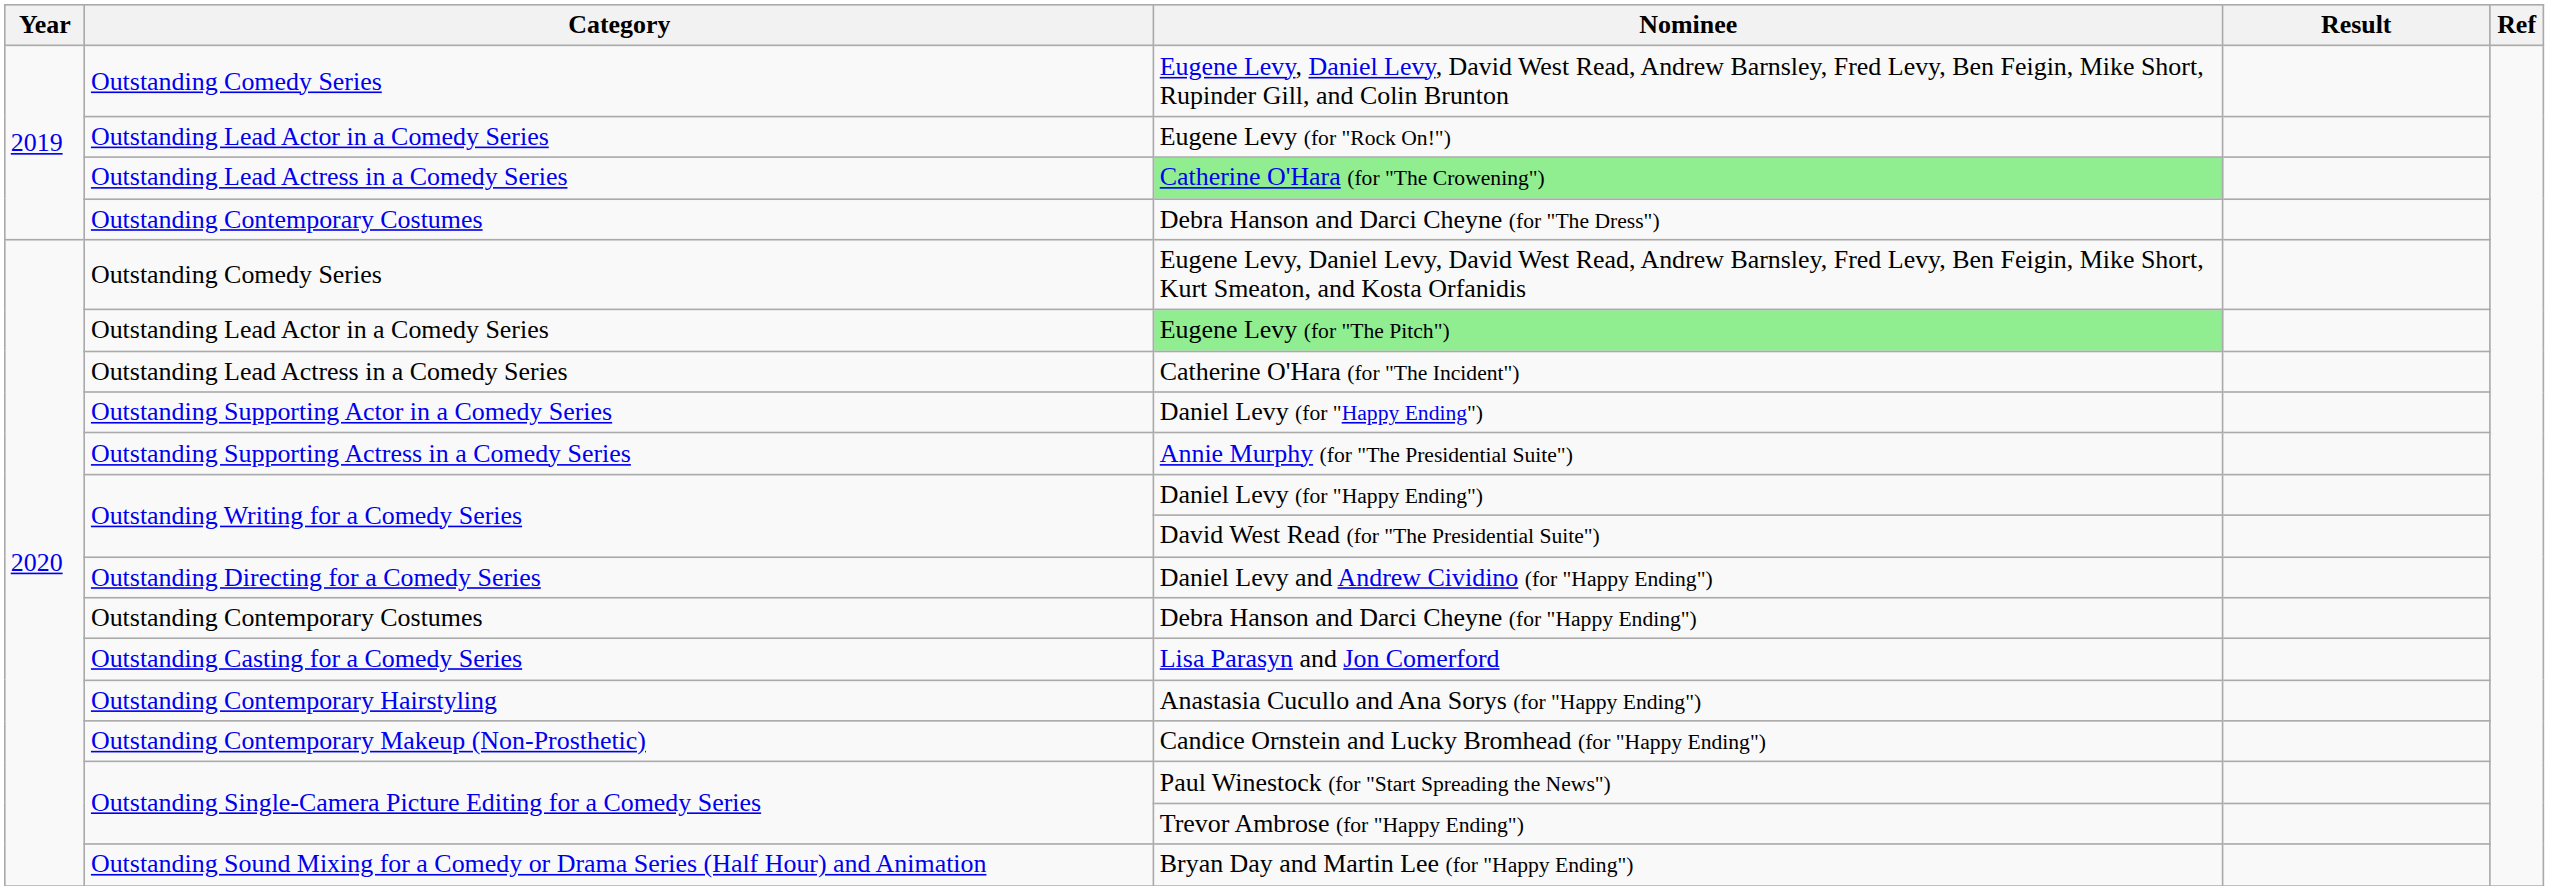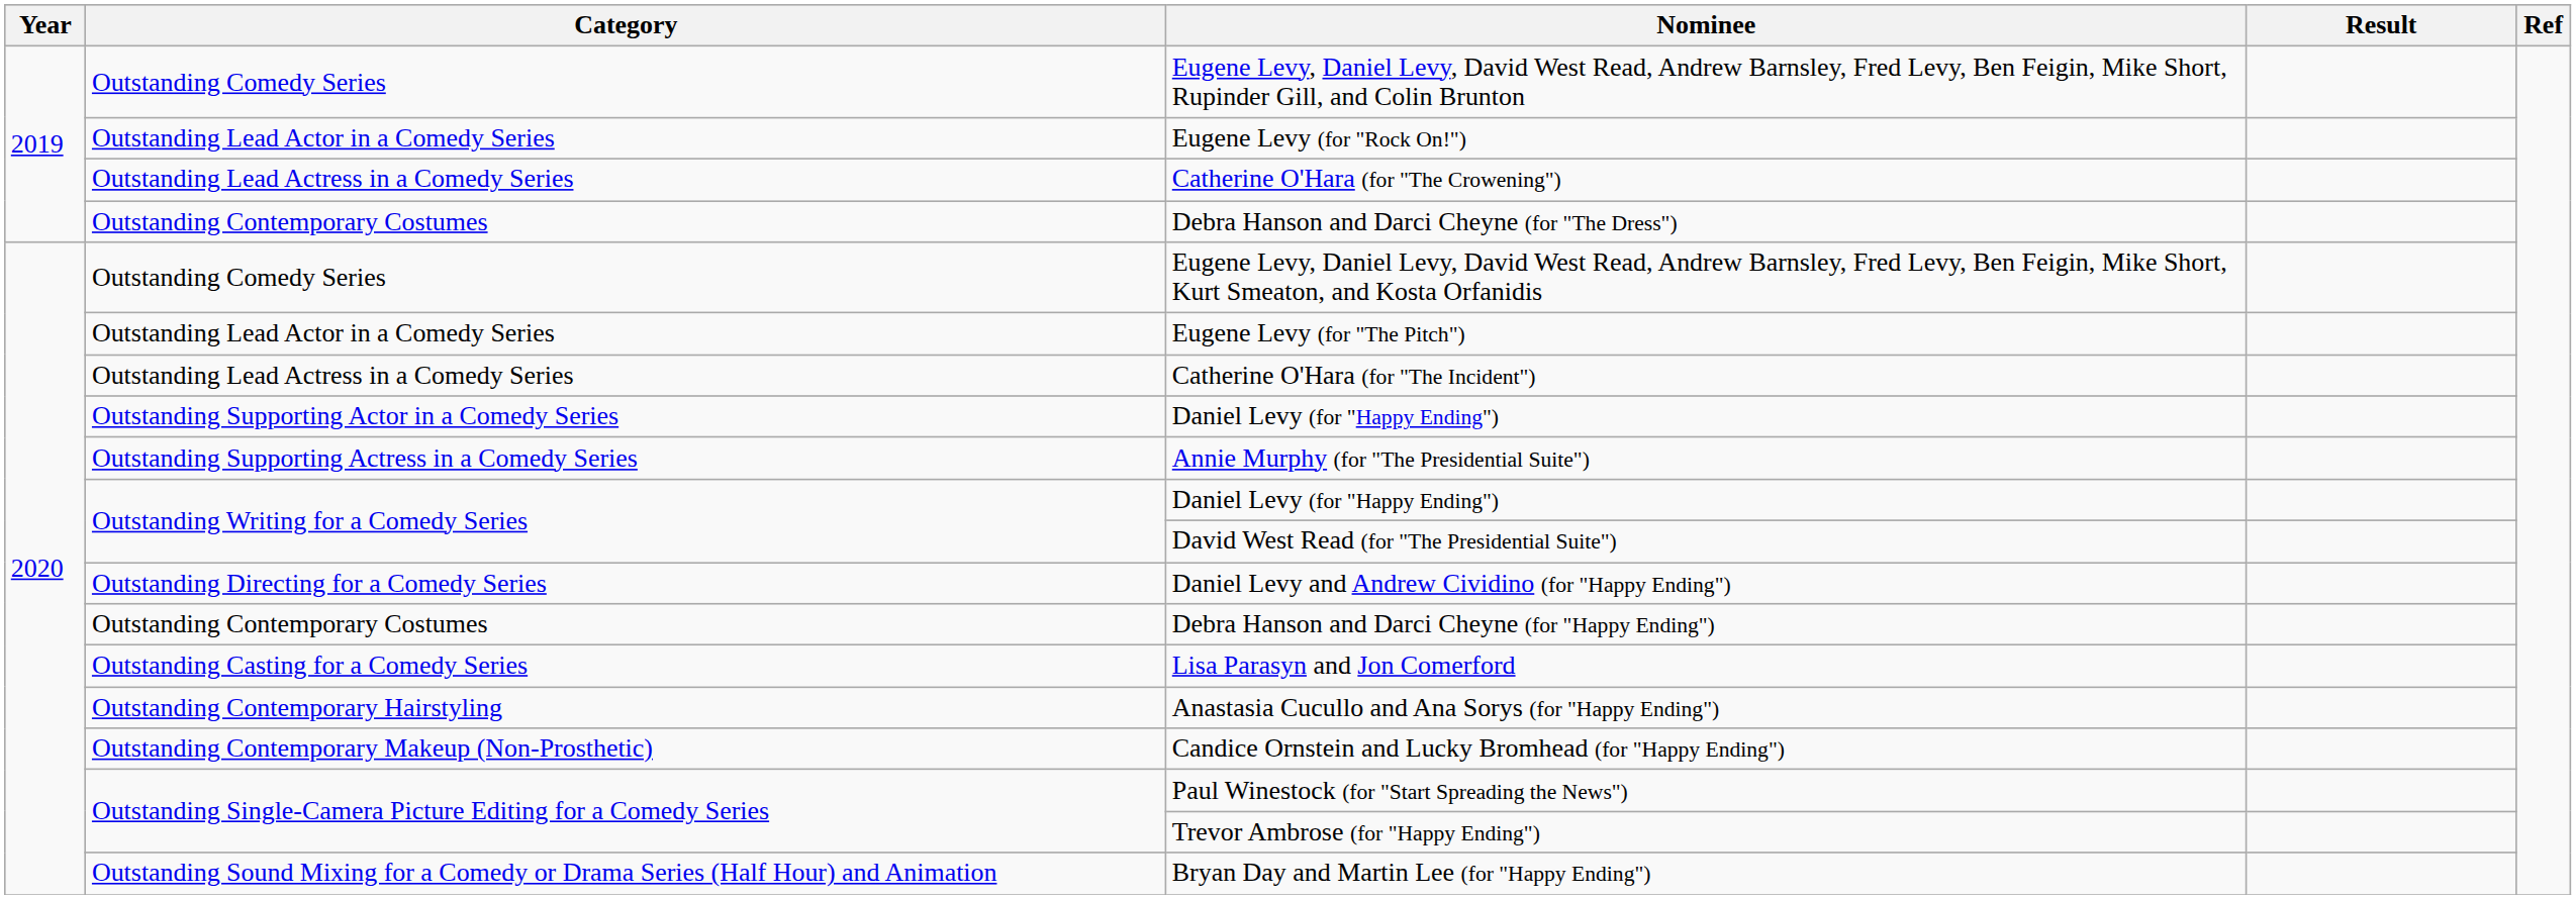 <table class="wikitable">
 <tr>
 <th width="3%">Year</th>
 <th width="40%">Category</th>
 <th width="40%">Nominee</th>
 <th width="10%">Result</th>
 <th width="2%">Ref</th>
 </tr>
 <tr>
 <td rowspan="4"><a href='#'>2019</a></td>
 <td><a href='#'>Outstanding Comedy Series</a></td>
 <td><a href='#'>Eugene Levy</a>, <a href='#'>Daniel Levy</a>, David West Read, Andrew Barnsley, Fred Levy, Ben Feigin, Mike Short, Rupinder Gill, and Colin Brunton</td>
 <td></td>
 <td rowspan="19"></td>
 </tr>
 <tr>
 <td><a href='#'>Outstanding Lead Actor in a Comedy Series</a></td>
 <td>Eugene Levy <small>(for "Rock On!")</small></td>
 <td></td>
 </tr>
 <tr>
 <td><a href='#'>Outstanding Lead Actress in a Comedy Series</a></td>
-<td style="background: lightgreen;"><a href='#'>Catherine O'Hara</a> <small>(for "The Crowening")</small></td>
+<td><a href='#'>Catherine O'Hara</a> <small>(for "The Crowening")</small></td>
 <td></td>
 </tr>
 <tr>
 <td><a href='#'>Outstanding Contemporary Costumes</a></td>
 <td>Debra Hanson and Darci Cheyne <small>(for "The Dress")</small></td>
 <td></td>
 </tr>
 <tr>
 <td rowspan="15"><a href='#'>2020</a></td>
 <td>Outstanding Comedy Series</td>
 <td>Eugene Levy, Daniel Levy, David West Read, Andrew Barnsley, Fred Levy, Ben Feigin, Mike Short, Kurt Smeaton, and Kosta Orfanidis</td>
 <td></td>
 </tr>
 <tr>
 <td>Outstanding Lead Actor in a Comedy Series</td>
-<td style="background: lightgreen;">Eugene Levy <small>(for "The Pitch")</small></td>
+<td>Eugene Levy <small>(for "The Pitch")</small></td>
 <td></td>
 </tr>
 <tr>
 <td>Outstanding Lead Actress in a Comedy Series</td>
 <td>Catherine O'Hara <small>(for "The Incident")</small></td>
 <td></td>
 </tr>
 <tr>
 <td><a href='#'>Outstanding Supporting Actor in a Comedy Series</a></td>
 <td>Daniel Levy <small>(for "<a href='#'>Happy Ending</a>")</small></td>
 <td></td>
 </tr>
 <tr>
 <td><a href='#'>Outstanding Supporting Actress in a Comedy Series</a></td>
 <td><a href='#'>Annie Murphy</a> <small>(for "The Presidential Suite")</small></td>
 <td></td>
 </tr>
 <tr>
 <td rowspan="2"><a href='#'>Outstanding Writing for a Comedy Series</a></td>
 <td>Daniel Levy <small>(for "Happy Ending")</small></td>
 <td></td>
 </tr>
 <tr>
 <td>David West Read <small>(for "The Presidential Suite")</small></td>
 <td></td>
 </tr>
 <tr>
 <td><a href='#'>Outstanding Directing for a Comedy Series</a></td>
 <td>Daniel Levy and <a href='#'>Andrew Cividino</a> <small>(for "Happy Ending")</small></td>
 <td></td>
 </tr>
 <tr>
 <td>Outstanding Contemporary Costumes</td>
 <td>Debra Hanson and Darci Cheyne <small>(for "Happy Ending")</small></td>
 <td></td>
 </tr>
 <tr>
 <td><a href='#'>Outstanding Casting for a Comedy Series</a></td>
 <td><a href='#'>Lisa Parasyn</a> and <a href='#'>Jon Comerford</a></td>
 <td></td>
 </tr>
 <tr>
 <td><a href='#'>Outstanding Contemporary Hairstyling</a></td>
 <td>Anastasia Cucullo and Ana Sorys <small>(for "Happy Ending")</small></td>
 <td></td>
 </tr>
 <tr>
 <td><a href='#'>Outstanding Contemporary Makeup (Non-Prosthetic)</a></td>
 <td>Candice Ornstein and Lucky Bromhead <small>(for "Happy Ending")</small></td>
 <td></td>
 </tr>
 <tr>
 <td rowspan="2"><a href='#'>Outstanding Single-Camera Picture Editing for a Comedy Series</a></td>
 <td>Paul Winestock <small>(for "Start Spreading the News")</small></td>
 <td></td>
 </tr>
 <tr>
 <td>Trevor Ambrose <small>(for "Happy Ending")</small></td>
 <td></td>
 </tr>
 <tr>
 <td><a href='#'>Outstanding Sound Mixing for a Comedy or Drama Series (Half Hour) and Animation</a></td>
 <td>Bryan Day and Martin Lee <small>(for "Happy Ending")</small></td>
 <td></td>
 </tr>
 </table>
